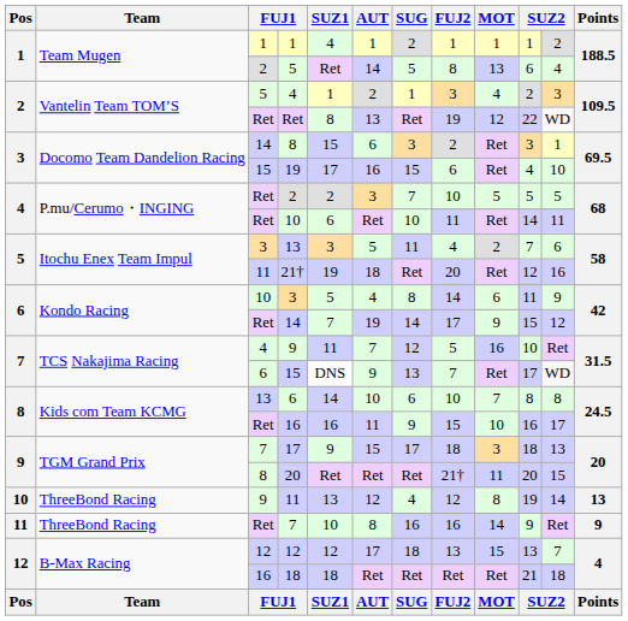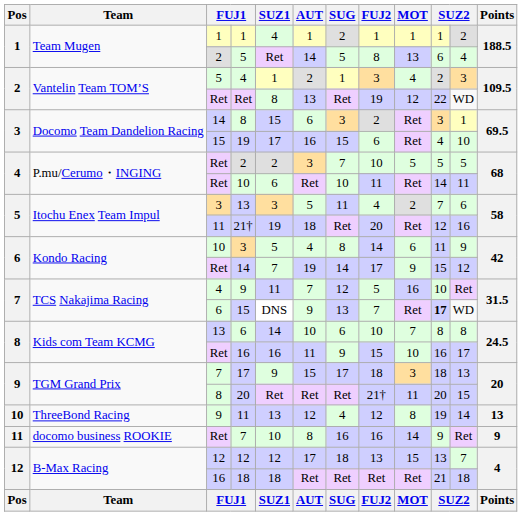 <table class="wikitable" style="font-size:85%; text-align:center">
 <tr>
 <th valign="middle">Pos</th>
 <th valign="middle">Team</th>
 <th colspan="2"><a href='#'>FUJ1</a></th>
 <th><a href='#'>SUZ1</a></th>
 <th><a href='#'>AUT</a></th>
 <th><a href='#'>SUG</a></th>
 <th><a href='#'>FUJ2</a></th>
 <th><a href='#'>MOT</a></th>
 <th colspan="2"><a href='#'>SUZ2</a></th>
 <th valign="middle">Points</th>
 </tr>
 <tr>
 <th rowspan="2">1</th>
 <td rowspan="2" align="left"> <a href='#'>Team Mugen</a></td>
 <td bgcolor="#FFFFBF">1</td>
 <td bgcolor="#FFFFBF">1</td>
 <td bgcolor="#DFFFDF">4</td>
 <td bgcolor="#FFFFBF">1</td>
 <td bgcolor="#DFDFDF">2</td>
 <td bgcolor="#FFFFBF">1</td>
 <td bgcolor="#FFFFBF">1</td>
 <td bgcolor="#FFFFBF">1</td>
 <td bgcolor="#DFDFDF">2</td>
 <th rowspan="2">188.5</th>
 </tr>
 <tr>
 <td bgcolor="#DFDFDF">2</td>
 <td bgcolor="#DFFFDF">5</td>
 <td bgcolor="#EFCFFF">Ret</td>
 <td bgcolor="#CFCFFF">14</td>
 <td bgcolor="#DFFFDF">5</td>
 <td bgcolor="#DFFFDF">8</td>
 <td bgcolor="#CFCFFF">13</td>
 <td bgcolor="#DFFFDF">6</td>
 <td bgcolor="#DFFFDF">4</td>
 </tr>
 <tr>
 <th rowspan="2">2</th>
 <td rowspan="2" align="left"> <a href='#'>Vantelin</a> <a href='#'>Team TOM’S</a></td>
 <td bgcolor="#DFFFDF">5</td>
 <td bgcolor="#DFFFDF">4</td>
 <td bgcolor="#FFFFBF">1</td>
 <td bgcolor="#DFDFDF">2</td>
 <td bgcolor="#FFFFBF">1</td>
 <td bgcolor="#FFDF9F">3</td>
 <td bgcolor="#DFFFDF">4</td>
 <td bgcolor="#DFDFDF">2</td>
 <td bgcolor="#FFDF9F">3</td>
 <th rowspan="2">109.5</th>
 </tr>
 <tr>
 <td bgcolor="#EFCFFF">Ret</td>
 <td bgcolor="#EFCFFF">Ret</td>
 <td bgcolor="#DFFFDF">8</td>
 <td bgcolor="#CFCFFF">13</td>
 <td bgcolor="#EFCFFF">Ret</td>
 <td bgcolor="#CFCFFF">19</td>
 <td bgcolor="#CFCFFF">12</td>
 <td bgcolor="#CFCFFF">22</td>
 <td>WD</td>
 </tr>
 <tr>
 <th rowspan="2">3</th>
 <td rowspan="2" align="left"> <a href='#'>Docomo</a> <a href='#'>Team Dandelion Racing</a></td>
 <td bgcolor="#CFCFFF">14</td>
 <td bgcolor="#DFFFDF">8</td>
 <td bgcolor="#CFCFFF">15</td>
 <td bgcolor="#DFFFDF">6</td>
 <td bgcolor="#FFDF9F">3</td>
 <td bgcolor="#DFDFDF">2</td>
 <td bgcolor="#EFCFFF">Ret</td>
 <td bgcolor="#FFDF9F">3</td>
 <td bgcolor="#FFFFBF">1</td>
 <th rowspan="2">69.5</th>
 </tr>
 <tr>
 <td bgcolor="#CFCFFF">15</td>
 <td bgcolor="#CFCFFF">19</td>
 <td bgcolor="#CFCFFF">17</td>
 <td bgcolor="#CFCFFF">16</td>
 <td bgcolor="#CFCFFF">15</td>
 <td bgcolor="#DFFFDF">6</td>
 <td bgcolor="#EFCFFF">Ret</td>
 <td bgcolor="#DFFFDF">4</td>
 <td bgcolor="#DFFFDF">10</td>
 </tr>
 <tr>
 <th rowspan="2">4</th>
 <td rowspan="2" align="left"> P.mu/<a href='#'>Cerumo</a>・<a href='#'>INGING</a></td>
 <td bgcolor="#EFCFFF">Ret</td>
 <td bgcolor="#DFDFDF">2</td>
 <td bgcolor="#DFDFDF">2</td>
 <td bgcolor="#FFDF9F">3</td>
 <td bgcolor="#DFFFDF">7</td>
 <td bgcolor="#DFFFDF">10</td>
 <td bgcolor="#DFFFDF">5</td>
 <td bgcolor="#DFFFDF">5</td>
 <td bgcolor="#DFFFDF">5</td>
 <th rowspan="2">68</th>
 </tr>
 <tr>
 <td bgcolor="#EFCFFF">Ret</td>
 <td bgcolor="#DFFFDF">10</td>
 <td bgcolor="#DFFFDF">6</td>
 <td bgcolor="#EFCFFF">Ret</td>
 <td bgcolor="#DFFFDF">10</td>
 <td bgcolor="#CFCFFF">11</td>
 <td bgcolor="#EFCFFF">Ret</td>
 <td bgcolor="#CFCFFF">14</td>
 <td bgcolor="#CFCFFF">11</td>
 </tr>
 <tr>
 <th rowspan="2">5</th>
 <td rowspan="2" align="left"> <a href='#'>Itochu Enex</a> <a href='#'>Team Impul</a></td>
 <td bgcolor="#FFDF9F">3</td>
 <td bgcolor="#CFCFFF">13</td>
 <td bgcolor="#FFDF9F">3</td>
 <td bgcolor="#DFFFDF">5</td>
 <td bgcolor="#CFCFFF">11</td>
 <td bgcolor="#DFFFDF">4</td>
 <td bgcolor="#DFDFDF">2</td>
 <td bgcolor="#DFFFDF">7</td>
 <td bgcolor="#DFFFDF">6</td>
 <th rowspan="2">58</th>
 </tr>
 <tr>
 <td bgcolor="#CFCFFF">11</td>
 <td bgcolor="#CFCFFF">21†</td>
 <td bgcolor="#CFCFFF">19</td>
 <td bgcolor="#CFCFFF">18</td>
 <td bgcolor="#EFCFFF">Ret</td>
 <td bgcolor="#CFCFFF">20</td>
 <td bgcolor="#EFCFFF">Ret</td>
 <td bgcolor="#CFCFFF">12</td>
 <td bgcolor="#CFCFFF">16</td>
 </tr>
 <tr>
 <th rowspan="2">6</th>
 <td rowspan="2" align="left"> <a href='#'>Kondo Racing</a></td>
 <td bgcolor="#DFFFDF">10</td>
 <td bgcolor="#FFDF9F">3</td>
 <td bgcolor="#DFFFDF">5</td>
 <td bgcolor="#DFFFDF">4</td>
 <td bgcolor="#DFFFDF">8</td>
 <td bgcolor="#CFCFFF">14</td>
 <td bgcolor="#DFFFDF">6</td>
 <td bgcolor="#CFCFFF">11</td>
 <td bgcolor="#DFFFDF">9</td>
 <th rowspan="2">42</th>
 </tr>
 <tr>
 <td bgcolor="#EFCFFF">Ret</td>
 <td bgcolor="#CFCFFF">14</td>
 <td bgcolor="#DFFFDF">7</td>
 <td bgcolor="#CFCFFF">19</td>
 <td bgcolor="#CFCFFF">14</td>
 <td bgcolor="#CFCFFF">17</td>
 <td bgcolor="#DFFFDF">9</td>
 <td bgcolor="#CFCFFF">15</td>
 <td bgcolor="#CFCFFF">12</td>
 </tr>
 <tr>
 <th rowspan="2">7</th>
 <td rowspan="2" align="left"> <a href='#'>TCS</a> <a href='#'>Nakajima Racing</a></td>
 <td bgcolor="#DFFFDF">4</td>
 <td bgcolor="#DFFFDF">9</td>
 <td bgcolor="#CFCFFF">11</td>
 <td bgcolor="#DFFFDF">7</td>
 <td bgcolor="#CFCFFF">12</td>
 <td bgcolor="#DFFFDF">5</td>
 <td bgcolor="#CFCFFF">16</td>
 <td bgcolor="#DFFFDF">10</td>
 <td bgcolor="#EFCFFF">Ret</td>
 <th rowspan="2">31.5</th>
 </tr>
 <tr>
 <td bgcolor="#DFFFDF">6</td>
 <td bgcolor="#CFCFFF">15</td>
 <td bgcolor="#FFFFFF">DNS</td>
 <td bgcolor="#DFFFDF">9</td>
 <td bgcolor="#CFCFFF">13</td>
 <td bgcolor="#DFFFDF">7</td>
 <td bgcolor="#EFCFFF">Ret</td>
-<td bgcolor="#CFCFFF">17</td>
+<td bgcolor="#CFCFFF"><strong>17</strong></td>
 <td>WD</td>
 </tr>
 <tr>
 <th rowspan="2">8</th>
 <td rowspan="2" align="left"> <a href='#'>Kids com Team KCMG</a></td>
 <td bgcolor="#CFCFFF">13</td>
 <td bgcolor="#DFFFDF">6</td>
 <td bgcolor="#CFCFFF">14</td>
 <td bgcolor="#DFFFDF">10</td>
 <td bgcolor="#DFFFDF">6</td>
 <td bgcolor="#DFFFDF">10</td>
 <td bgcolor="#DFFFDF">7</td>
 <td bgcolor="#DFFFDF">8</td>
 <td bgcolor="#DFFFDF">8</td>
 <th rowspan="2">24.5</th>
 </tr>
 <tr>
 <td bgcolor="#EFCFFF">Ret</td>
 <td bgcolor="#CFCFFF">16</td>
 <td bgcolor="#CFCFFF">16</td>
 <td bgcolor="#CFCFFF">11</td>
 <td bgcolor="#DFFFDF">9</td>
 <td bgcolor="#CFCFFF">15</td>
 <td bgcolor="#DFFFDF">10</td>
 <td bgcolor="#CFCFFF">16</td>
 <td bgcolor="#CFCFFF">17</td>
 </tr>
 <tr>
 <th rowspan="2">9</th>
 <td rowspan="2" align="left"> <a href='#'>TGM Grand Prix</a></td>
 <td bgcolor="#DFFFDF">7</td>
 <td bgcolor="#CFCFFF">17</td>
 <td bgcolor="#DFFFDF">9</td>
 <td bgcolor="#CFCFFF">15</td>
 <td bgcolor="#CFCFFF">17</td>
 <td bgcolor="#CFCFFF">18</td>
 <td bgcolor="#FFDF9F">3</td>
 <td bgcolor="#CFCFFF">18</td>
 <td bgcolor="#CFCFFF">13</td>
 <th rowspan="2">20</th>
 </tr>
 <tr>
 <td bgcolor="#DFFFDF">8</td>
 <td bgcolor="#CFCFFF">20</td>
 <td bgcolor="#EFCFFF">Ret</td>
 <td bgcolor="#EFCFFF">Ret</td>
 <td bgcolor="#EFCFFF">Ret</td>
 <td bgcolor="#CFCFFF">21†</td>
 <td bgcolor="#CFCFFF">11</td>
 <td bgcolor="#CFCFFF">20</td>
 <td bgcolor="#CFCFFF">15</td>
 </tr>
 <tr>
 <th>10</th>
 <td align="left"> <a href='#'>ThreeBond Racing</a></td>
 <td bgcolor="#DFFFDF">9</td>
 <td bgcolor="#CFCFFF">11</td>
 <td bgcolor="#CFCFFF">13</td>
 <td bgcolor="#CFCFFF">12</td>
 <td bgcolor="#DFFFDF">4</td>
 <td bgcolor="#CFCFFF">12</td>
 <td bgcolor="#DFFFDF">8</td>
 <td bgcolor="#CFCFFF">19</td>
 <td bgcolor="#CFCFFF">14</td>
 <th>13</th>
 </tr>
 <tr>
 <th>11</th>
-<td align="left"> <a href='#'>ThreeBond Racing</a></td>
+<td align="left"> <a href='#'>docomo business</a> <a href='#'>ROOKIE</a></td>
 <td bgcolor="#EFCFFF">Ret</td>
 <td bgcolor="#DFFFDF">7</td>
 <td bgcolor="#DFFFDF">10</td>
 <td bgcolor="#DFFFDF">8</td>
 <td bgcolor="#CFCFFF">16</td>
 <td bgcolor="#CFCFFF">16</td>
 <td bgcolor="#CFCFFF">14</td>
 <td bgcolor="#DFFFDF">9</td>
 <td bgcolor="#EFCFFF">Ret</td>
 <th>9</th>
 </tr>
 <tr>
 <th rowspan="2">12</th>
 <td rowspan="2" align="left"> <a href='#'>B-Max Racing</a></td>
 <td bgcolor="#CFCFFF">12</td>
 <td bgcolor="#CFCFFF">12</td>
 <td bgcolor="#CFCFFF">12</td>
 <td bgcolor="#CFCFFF">17</td>
 <td bgcolor="#CFCFFF">18</td>
 <td bgcolor="#CFCFFF">13</td>
 <td bgcolor="#CFCFFF">15</td>
 <td bgcolor="#CFCFFF">13</td>
 <td bgcolor="#DFFFDF">7</td>
 <th rowspan="2">4</th>
 </tr>
 <tr>
 <td bgcolor="#CFCFFF">16</td>
 <td bgcolor="#CFCFFF">18</td>
 <td bgcolor="#CFCFFF">18</td>
 <td bgcolor="#EFCFFF">Ret</td>
 <td bgcolor="#EFCFFF">Ret</td>
 <td bgcolor="#EFCFFF">Ret</td>
 <td bgcolor="#EFCFFF">Ret</td>
 <td bgcolor="#CFCFFF">21</td>
 <td bgcolor="#CFCFFF">18</td>
 </tr>
 <tr>
 <th>Pos</th>
 <th>Team</th>
 <th colspan="2"><a href='#'>FUJ1</a></th>
 <th><a href='#'>SUZ1</a></th>
 <th><a href='#'>AUT</a></th>
 <th><a href='#'>SUG</a></th>
 <th><a href='#'>FUJ2</a></th>
 <th><a href='#'>MOT</a></th>
 <th colspan="2"><a href='#'>SUZ2</a></th>
 <th>Points</th>
 </tr>
 </table>
